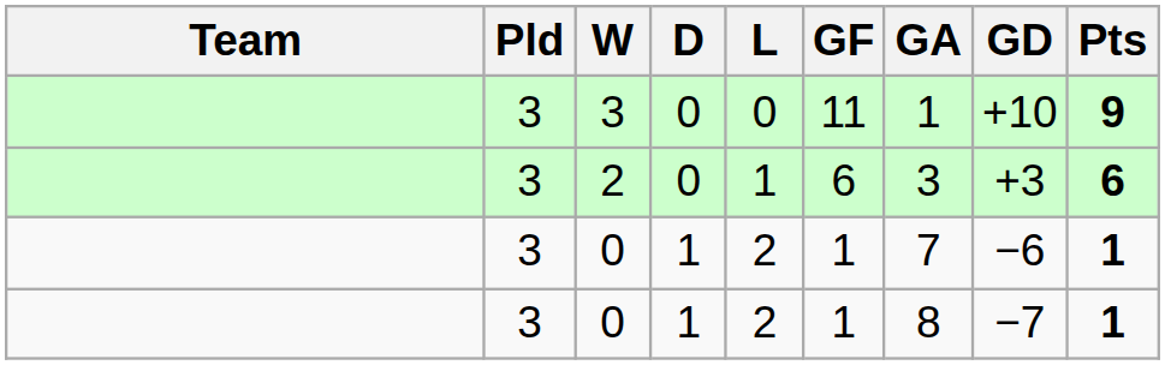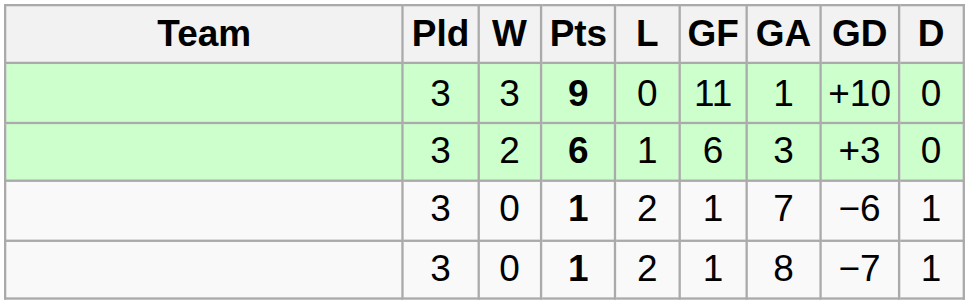 <table class="wikitable" style="text-align: center;">
 <tr>
 <th width=165>Team</th>
 <th width=20>Pld</th>
 <th width=20>W</th>
-<th width=20>D</th>
+<th width=20>Pts</th>
 <th width=20>L</th>
 <th width=20>GF</th>
 <th width=20>GA</th>
 <th width=20>GD</th>
-<th width=20>Pts</th>
+<th width=20>D</th>
 </tr>
 <tr style="background:#cfc;">
 <td align=left></td>
 <td>3</td>
 <td>3</td>
-<td>0</td>
+<td><strong>9</strong></td>
 <td>0</td>
 <td>11</td>
 <td>1</td>
 <td>+10</td>
-<td><strong>9</strong></td>
+<td>0</td>
 </tr>
 <tr style="background:#cfc;">
 <td align=left></td>
 <td>3</td>
 <td>2</td>
-<td>0</td>
+<td><strong>6</strong></td>
 <td>1</td>
 <td>6</td>
 <td>3</td>
 <td>+3</td>
-<td><strong>6</strong></td>
+<td>0</td>
 </tr>
 <tr>
 <td align=left></td>
 <td>3</td>
 <td>0</td>
-<td>1</td>
+<td><strong>1</strong></td>
 <td>2</td>
 <td>1</td>
 <td>7</td>
 <td>−6</td>
-<td><strong>1</strong></td>
+<td>1</td>
 </tr>
 <tr>
 <td align=left></td>
 <td>3</td>
 <td>0</td>
-<td>1</td>
+<td><strong>1</strong></td>
 <td>2</td>
 <td>1</td>
 <td>8</td>
 <td>−7</td>
-<td><strong>1</strong></td>
+<td>1</td>
 </tr>
 </table>
